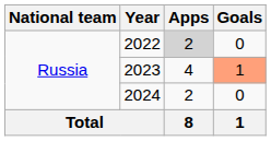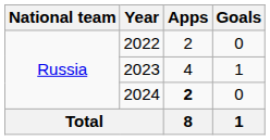 <table class="wikitable" style="text-align:center">
 <tr>
 <th>National team</th>
 <th>Year</th>
 <th>Apps</th>
 <th>Goals</th>
 </tr>
 <tr>
 <td rowspan="3"><a href='#'>Russia</a></td>
 <td>2022</td>
-<td style="background: lightgrey;">2</td>
+<td>2</td>
 <td>0</td>
 </tr>
 <tr>
 <td>2023</td>
 <td>4</td>
-<td style="background: lightsalmon;">1</td>
+<td>1</td>
 </tr>
 <tr>
 <td>2024</td>
-<td>2</td>
+<td><strong>2</strong></td>
 <td>0</td>
 </tr>
 <tr>
 <th colspan="2">Total</th>
 <th>8</th>
 <th>1</th>
 </tr>
 </table>
